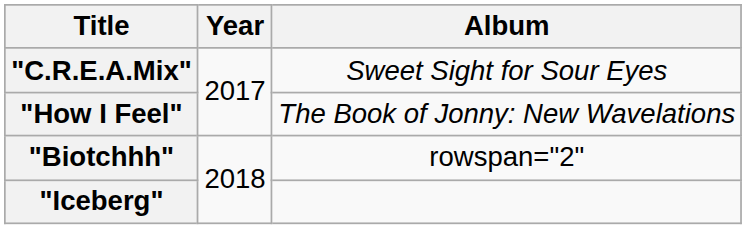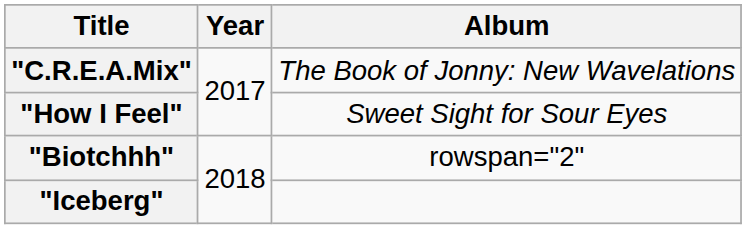 <table class="wikitable plainrowheaders" style="text-align:center;">
 <tr>
 <th scope="col">Title</th>
 <th scope="col">Year</th>
 <th scope="col">Album</th>
 </tr>
 <tr>
 <th scope="row">"C.R.E.A.Mix"<br></th>
 <td rowspan="2">2017</td>
-<td><em>Sweet Sight for Sour Eyes</em></td>
+<td><em>The Book of Jonny: New Wavelations</em></td>
 </tr>
 <tr>
 <th scope="row">"How I Feel"<br></th>
-<td><em>The Book of Jonny: New Wavelations</em></td>
+<td><em>Sweet Sight for Sour Eyes</em></td>
 </tr>
 <tr>
 <th scope="row">"Biotchhh"<br></th>
 <td rowspan="2">2018</td>
 <td>rowspan="2" </td>
 </tr>
 <tr>
 <th scope="row">"Iceberg"<br></th>
 </tr>
 </table>
